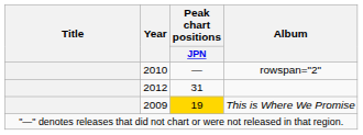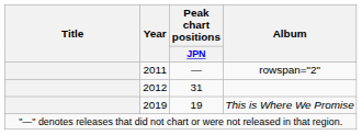 <table class="wikitable plainrowheaders" style="text-align:center;">
 <tr>
 <th scope="col" rowspan="2" style="width:12em;">Title</th>
 <th scope="col" rowspan="2">Year</th>
 <th scope="col" colspan="1">Peak chart positions</th>
 <th scope="col" rowspan="2">Album</th>
 </tr>
 <tr>
 <th scope="col" style="width:3em;font-size:90%;"><a href='#'>JPN</a><br></th>
 </tr>
 <tr>
 <th scope="row"><br></th>
-<td>2010</td>
+<td>2011</td>
 <td>—</td>
 <td>rowspan="2" </td>
 </tr>
 <tr>
 <th scope="row"><br></th>
 <td>2012</td>
 <td>31</td>
 </tr>
 <tr>
 <th scope="row"><br></th>
-<td>2009</td>
-<td style="background: gold;">19</td>
+<td>2019</td>
+<td>19</td>
 <td><em>This is Where We Promise</em></td>
 </tr>
 <tr>
 <td colspan="6" style="font-size:90%;">"—" denotes releases that did not chart or were not released in that region.</td>
 </tr>
 </table>
